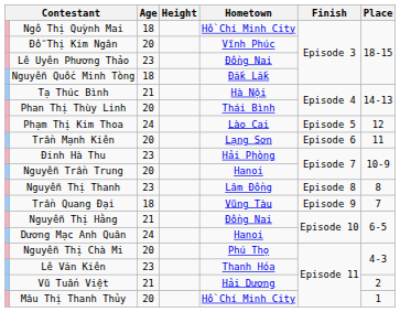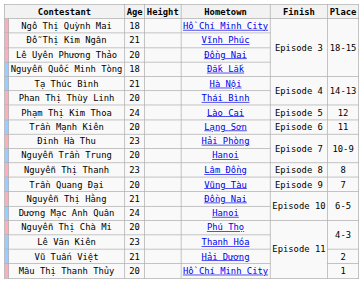 <table class="wikitable sortable" style="text-align:center;">
 <tr>
 <th colspan="2">Contestant</th>
 <th>Age</th>
 <th>Height</th>
 <th>Hometown</th>
 <th>Finish</th>
 <th>Place</th>
 </tr>
 <tr>
 <td style="background:#faafbe"></td>
 <td>Ngô Thị Quỳnh Mai</td>
 <td>18</td>
 <td></td>
 <td><a href='#'>Hồ Chí Minh City</a></td>
 <td rowspan=4>Episode 3</td>
 <td rowspan=4>18-15</td>
 </tr>
 <tr>
 <td style="background:#faafbe"></td>
 <td>Đỗ Thị Kim Ngân</td>
-<td>20</td>
+<td>21</td>
 <td></td>
 <td><a href='#'>Vĩnh Phúc</a></td>
 </tr>
 <tr>
 <td style="background:#faafbe"></td>
 <td>Lê Uyên Phương Thảo</td>
-<td>23</td>
+<td>20</td>
 <td></td>
 <td><a href='#'>Đồng Nai</a></td>
 </tr>
 <tr>
 <td style="background:#9cf;"></td>
 <td>Nguyễn Quốc Minh Tòng</td>
 <td>18</td>
 <td></td>
 <td><a href='#'>Đắk Lắk</a></td>
 </tr>
 <tr>
 <td style="background:#9cf;"></td>
 <td>Tạ Thúc Bình</td>
 <td>21</td>
 <td></td>
 <td><a href='#'>Hà Nội</a></td>
 <td rowspan=2>Episode 4</td>
 <td rowspan=2>14-13</td>
 </tr>
 <tr>
 <td style="background:#faafbe"></td>
 <td>Phan Thị Thùy Linh</td>
 <td>20</td>
 <td></td>
 <td><a href='#'>Thái Bình</a></td>
 </tr>
 <tr>
 <td style="background:#faafbe"></td>
 <td>Phạm Thị Kim Thoa</td>
 <td>24</td>
 <td></td>
 <td><a href='#'>Lào Cai</a></td>
 <td>Episode 5</td>
 <td>12</td>
 </tr>
 <tr>
 <td style="background:#9cf;"></td>
 <td>Trần Mạnh Kiên</td>
 <td>20</td>
 <td></td>
 <td><a href='#'>Lạng Sơn</a></td>
 <td>Episode 6</td>
 <td>11</td>
 </tr>
 <tr>
 <td style="background:#faafbe"></td>
 <td>Đinh Hà Thu</td>
 <td>23</td>
 <td></td>
 <td><a href='#'>Hải Phòng</a></td>
 <td rowspan=2>Episode 7</td>
 <td rowspan=2>10-9</td>
 </tr>
 <tr>
 <td style="background:#9cf;"></td>
 <td>Nguyễn Trần Trung</td>
 <td>20</td>
 <td></td>
 <td><a href='#'>Hanoi</a></td>
 </tr>
 <tr>
 <td style="background:#faafbe"></td>
 <td>Nguyễn Thị Thanh</td>
 <td>23</td>
 <td></td>
 <td><a href='#'>Lâm Đồng</a></td>
 <td>Episode 8</td>
 <td>8</td>
 </tr>
 <tr>
 <td style="background:#9cf;"></td>
 <td>Trần Quang Đại</td>
-<td>18</td>
+<td>20</td>
 <td></td>
 <td><a href='#'>Vũng Tàu</a></td>
 <td>Episode 9</td>
 <td>7</td>
 </tr>
 <tr>
 <td style="background:#faafbe"></td>
 <td>Nguyễn Thị Hằng</td>
 <td>21</td>
 <td></td>
 <td><a href='#'>Đồng Nai</a></td>
 <td rowspan=2>Episode 10</td>
 <td rowspan=2>6-5</td>
 </tr>
 <tr>
 <td style="background:#9cf;"></td>
 <td>Dương Mạc Anh Quân</td>
 <td>24</td>
 <td></td>
 <td><a href='#'>Hanoi</a></td>
 </tr>
 <tr>
 <td style="background:#faafbe"></td>
 <td>Nguyễn Thị Chà Mi</td>
 <td>20</td>
 <td></td>
 <td><a href='#'>Phú Thọ</a></td>
 <td rowspan=4>Episode 11</td>
 <td rowspan=2>4-3</td>
 </tr>
 <tr>
 <td style="background:#9cf;"></td>
 <td>Lê Văn Kiên</td>
 <td>23</td>
 <td></td>
 <td><a href='#'>Thanh Hóa</a></td>
 </tr>
 <tr>
 <td style="background:#9cf;"></td>
 <td>Vũ Tuấn Việt</td>
 <td>21</td>
 <td></td>
 <td><a href='#'>Hải Dương</a></td>
 <td>2</td>
 </tr>
 <tr>
 <td style="background:#faafbe"></td>
 <td>Mâu Thị Thanh Thủy</td>
 <td>20</td>
 <td></td>
 <td><a href='#'>Hồ Chí Minh City</a></td>
 <td>1</td>
 </tr>
 </table>
